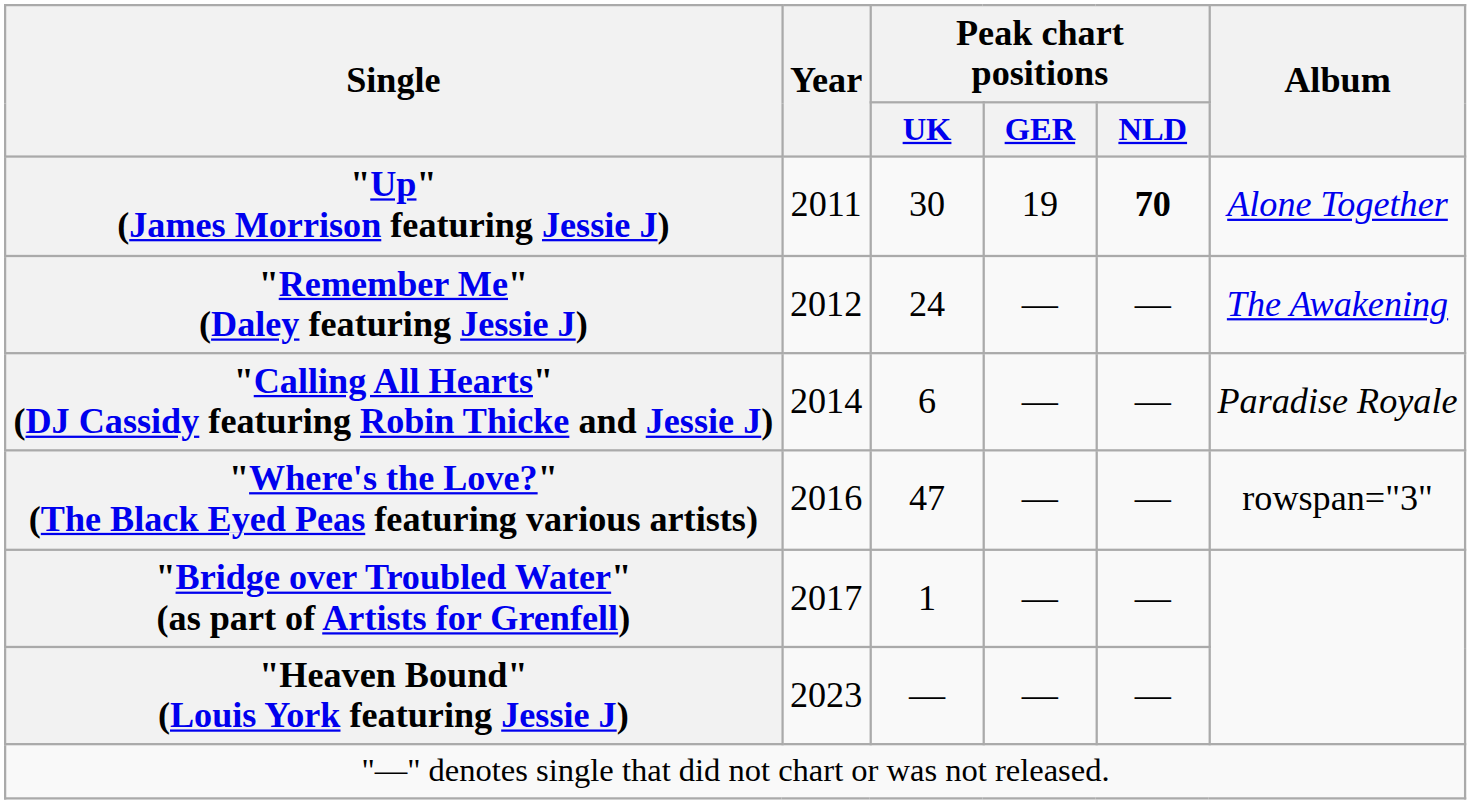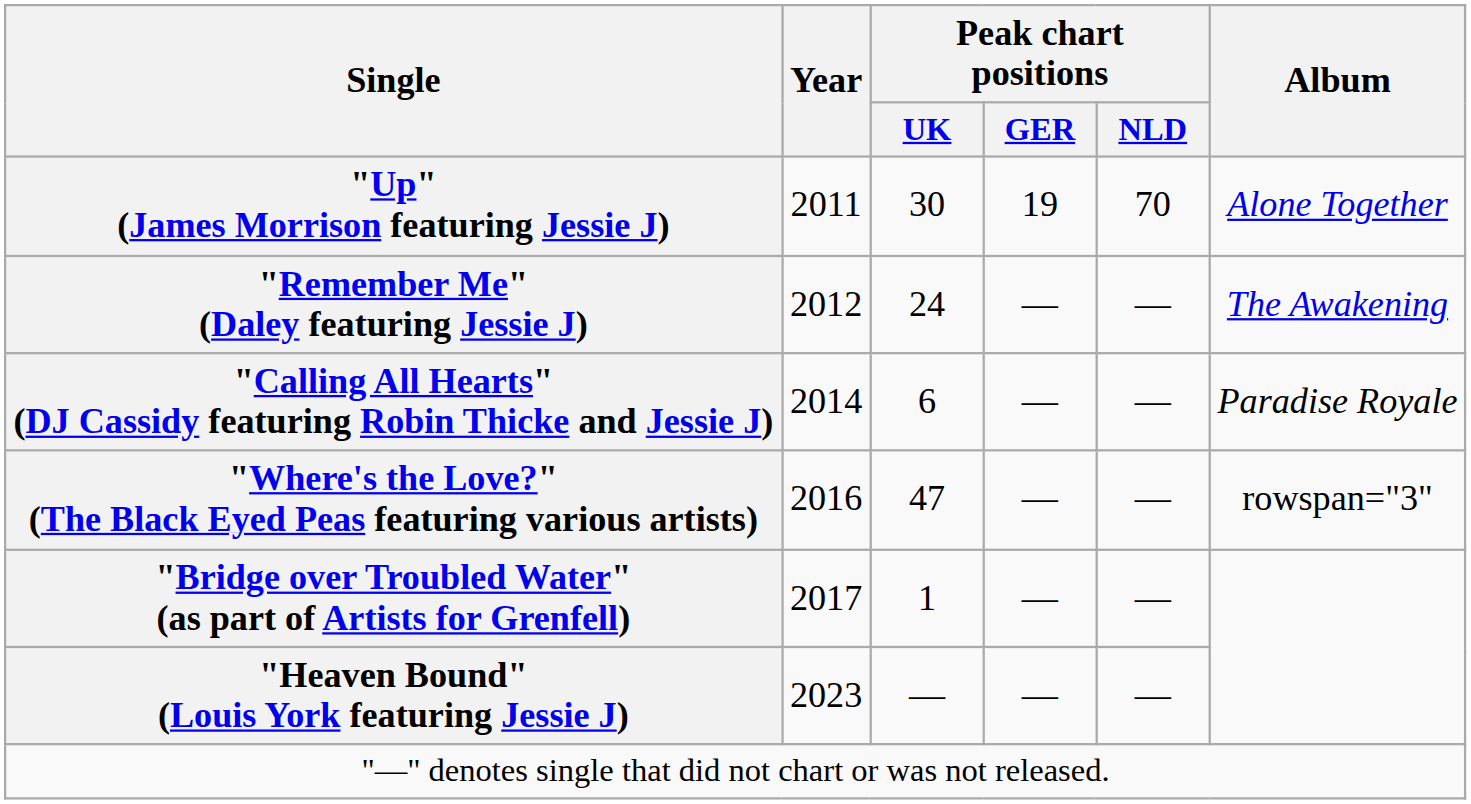 <table class="wikitable plainrowheaders" style="text-align:center">
 <tr>
 <th scope="col" rowspan="2">Single</th>
 <th scope="col" rowspan="2">Year</th>
 <th scope="col" colspan="3">Peak chart<br>positions</th>
 <th scope="col" rowspan="2">Album</th>
 </tr>
 <tr>
 <th scope="col" style="width:3em;font-size:90%;"><a href='#'>UK</a><br></th>
 <th scope="col" style="width:3em;font-size:90%;"><a href='#'>GER</a><br></th>
 <th scope="col" style="width:3em;font-size:90%;"><a href='#'>NLD</a><br></th>
 </tr>
 <tr>
 <th scope="row">"<a href='#'>Up</a>"<br><span>(<a href='#'>James Morrison</a> featuring <a href='#'>Jessie J</a>)</span></th>
 <td>2011</td>
 <td>30</td>
 <td>19</td>
-<td><strong>70</strong></td>
+<td>70</td>
 <td><em><a href='#'>Alone Together</a></em></td>
 </tr>
 <tr>
 <th scope="row">"<a href='#'>Remember Me</a>"<br><span>(<a href='#'>Daley</a> featuring <a href='#'>Jessie J</a>)</span></th>
 <td>2012</td>
 <td>24</td>
 <td>—</td>
 <td>—</td>
 <td><em><a href='#'>The Awakening</a></em></td>
 </tr>
 <tr>
 <th scope="row">"<a href='#'>Calling All Hearts</a>"<br><span>(<a href='#'>DJ Cassidy</a> featuring <a href='#'>Robin Thicke</a> and <a href='#'>Jessie J</a>)</span></th>
 <td>2014</td>
 <td>6</td>
 <td>—</td>
 <td>—</td>
 <td><em>Paradise Royale</em></td>
 </tr>
 <tr>
 <th scope="row">"<a href='#'>Where's the Love?</a>"<br><span>(<a href='#'>The Black Eyed Peas</a> featuring various artists)</span></th>
 <td>2016</td>
 <td>47</td>
 <td>—</td>
 <td>—</td>
 <td>rowspan="3" </td>
 </tr>
 <tr>
 <th scope="row">"<a href='#'>Bridge over Troubled Water</a>"<br><span>(as part of <a href='#'>Artists for Grenfell</a>)</span></th>
 <td>2017</td>
 <td>1</td>
 <td>—</td>
 <td>—</td>
 </tr>
 <tr>
 <th scope="row">"Heaven Bound"<br><span>(<a href='#'>Louis York</a> featuring <a href='#'>Jessie J</a>)</span></th>
 <td>2023</td>
 <td>—</td>
 <td>—</td>
 <td>—</td>
 </tr>
 <tr>
 <td colspan="7" style="font-size:90%">"—" denotes single that did not chart or was not released.</td>
 </tr>
 </table>
